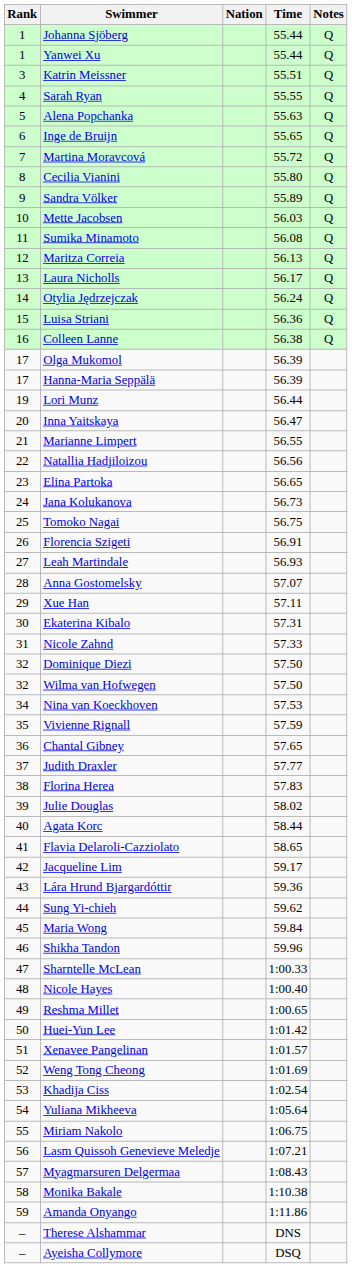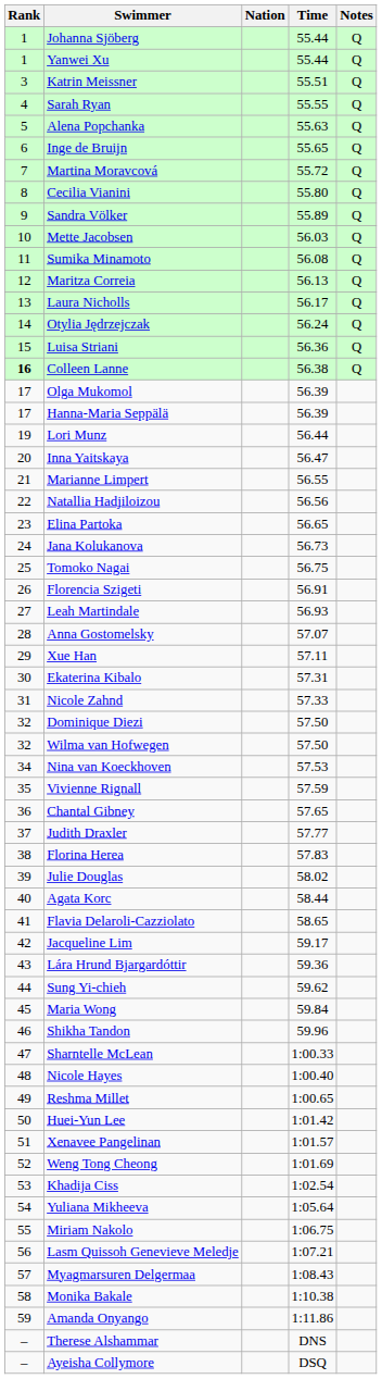 <table class="wikitable sortable" style="text-align:center">
 <tr>
 <th>Rank</th>
 <th>Swimmer</th>
 <th>Nation</th>
 <th>Time</th>
 <th>Notes</th>
 </tr>
 <tr bgcolor=ccffcc>
 <td>1</td>
 <td align=left><a href='#'>Johanna Sjöberg</a></td>
 <td align=left></td>
 <td>55.44</td>
 <td>Q</td>
 </tr>
 <tr bgcolor=ccffcc>
 <td>1</td>
 <td align=left><a href='#'>Yanwei Xu</a></td>
 <td align=left></td>
 <td>55.44</td>
 <td>Q</td>
 </tr>
 <tr bgcolor=ccffcc>
 <td>3</td>
 <td align=left><a href='#'>Katrin Meissner</a></td>
 <td align=left></td>
 <td>55.51</td>
 <td>Q</td>
 </tr>
 <tr bgcolor=ccffcc>
 <td>4</td>
 <td align=left><a href='#'>Sarah Ryan</a></td>
 <td align=left></td>
 <td>55.55</td>
 <td>Q</td>
 </tr>
 <tr bgcolor=ccffcc>
 <td>5</td>
 <td align=left><a href='#'>Alena Popchanka</a></td>
 <td align=left></td>
 <td>55.63</td>
 <td>Q</td>
 </tr>
 <tr bgcolor=ccffcc>
 <td>6</td>
 <td align=left><a href='#'>Inge de Bruijn</a></td>
 <td align=left></td>
 <td>55.65</td>
 <td>Q</td>
 </tr>
 <tr bgcolor=ccffcc>
 <td>7</td>
 <td align=left><a href='#'>Martina Moravcová</a></td>
 <td align=left></td>
 <td>55.72</td>
 <td>Q</td>
 </tr>
 <tr bgcolor=ccffcc>
 <td>8</td>
 <td align=left><a href='#'>Cecilia Vianini</a></td>
 <td align=left></td>
 <td>55.80</td>
 <td>Q</td>
 </tr>
 <tr bgcolor=ccffcc>
 <td>9</td>
 <td align=left><a href='#'>Sandra Völker</a></td>
 <td align=left></td>
 <td>55.89</td>
 <td>Q</td>
 </tr>
 <tr bgcolor=ccffcc>
 <td>10</td>
 <td align=left><a href='#'>Mette Jacobsen</a></td>
 <td align=left></td>
 <td>56.03</td>
 <td>Q</td>
 </tr>
 <tr bgcolor=ccffcc>
 <td>11</td>
 <td align=left><a href='#'>Sumika Minamoto</a></td>
 <td align=left></td>
 <td>56.08</td>
 <td>Q</td>
 </tr>
 <tr bgcolor=ccffcc>
 <td>12</td>
 <td align=left><a href='#'>Maritza Correia</a></td>
 <td align=left></td>
 <td>56.13</td>
 <td>Q</td>
 </tr>
 <tr bgcolor=ccffcc>
 <td>13</td>
 <td align=left><a href='#'>Laura Nicholls</a></td>
 <td align=left></td>
 <td>56.17</td>
 <td>Q</td>
 </tr>
 <tr bgcolor=ccffcc>
 <td>14</td>
 <td align=left><a href='#'>Otylia Jędrzejczak</a></td>
 <td align=left></td>
 <td>56.24</td>
 <td>Q</td>
 </tr>
 <tr bgcolor=ccffcc>
 <td>15</td>
 <td align=left><a href='#'>Luisa Striani</a></td>
 <td align=left></td>
 <td>56.36</td>
 <td>Q</td>
 </tr>
 <tr bgcolor=ccffcc>
-<td>16</td>
+<td><strong>16</strong></td>
 <td align=left><a href='#'>Colleen Lanne</a></td>
 <td align=left></td>
 <td>56.38</td>
 <td>Q</td>
 </tr>
 <tr>
 <td>17</td>
 <td align=left><a href='#'>Olga Mukomol</a></td>
 <td align=left></td>
 <td>56.39</td>
 <td></td>
 </tr>
 <tr>
 <td>17</td>
 <td align=left><a href='#'>Hanna-Maria Seppälä</a></td>
 <td align=left></td>
 <td>56.39</td>
 <td></td>
 </tr>
 <tr>
 <td>19</td>
 <td align=left><a href='#'>Lori Munz</a></td>
 <td align=left></td>
 <td>56.44</td>
 <td></td>
 </tr>
 <tr>
 <td>20</td>
 <td align=left><a href='#'>Inna Yaitskaya</a></td>
 <td align=left></td>
 <td>56.47</td>
 <td></td>
 </tr>
 <tr>
 <td>21</td>
 <td align=left><a href='#'>Marianne Limpert</a></td>
 <td align=left></td>
 <td>56.55</td>
 <td></td>
 </tr>
 <tr>
 <td>22</td>
 <td align=left><a href='#'>Natallia Hadjiloizou</a></td>
 <td align=left></td>
 <td>56.56</td>
 <td></td>
 </tr>
 <tr>
 <td>23</td>
 <td align=left><a href='#'>Elina Partoka</a></td>
 <td align=left></td>
 <td>56.65</td>
 <td></td>
 </tr>
 <tr>
 <td>24</td>
 <td align=left><a href='#'>Jana Kolukanova</a></td>
 <td align=left></td>
 <td>56.73</td>
 <td></td>
 </tr>
 <tr>
 <td>25</td>
 <td align=left><a href='#'>Tomoko Nagai</a></td>
 <td align=left></td>
 <td>56.75</td>
 <td></td>
 </tr>
 <tr>
 <td>26</td>
 <td align=left><a href='#'>Florencia Szigeti</a></td>
 <td align=left></td>
 <td>56.91</td>
 <td></td>
 </tr>
 <tr>
 <td>27</td>
 <td align=left><a href='#'>Leah Martindale</a></td>
 <td align=left></td>
 <td>56.93</td>
 <td></td>
 </tr>
 <tr>
 <td>28</td>
 <td align=left><a href='#'>Anna Gostomelsky</a></td>
 <td align=left></td>
 <td>57.07</td>
 <td></td>
 </tr>
 <tr>
 <td>29</td>
 <td align=left><a href='#'>Xue Han</a></td>
 <td align=left></td>
 <td>57.11</td>
 <td></td>
 </tr>
 <tr>
 <td>30</td>
 <td align=left><a href='#'>Ekaterina Kibalo</a></td>
 <td align=left></td>
 <td>57.31</td>
 <td></td>
 </tr>
 <tr>
 <td>31</td>
 <td align=left><a href='#'>Nicole Zahnd</a></td>
 <td align=left></td>
 <td>57.33</td>
 <td></td>
 </tr>
 <tr>
 <td>32</td>
 <td align=left><a href='#'>Dominique Diezi</a></td>
 <td align=left></td>
 <td>57.50</td>
 <td></td>
 </tr>
 <tr>
 <td>32</td>
 <td align=left><a href='#'>Wilma van Hofwegen</a></td>
 <td align=left></td>
 <td>57.50</td>
 <td></td>
 </tr>
 <tr>
 <td>34</td>
 <td align=left><a href='#'>Nina van Koeckhoven</a></td>
 <td align=left></td>
 <td>57.53</td>
 <td></td>
 </tr>
 <tr>
 <td>35</td>
 <td align=left><a href='#'>Vivienne Rignall</a></td>
 <td align=left></td>
 <td>57.59</td>
 <td></td>
 </tr>
 <tr>
 <td>36</td>
 <td align=left><a href='#'>Chantal Gibney</a></td>
 <td align=left></td>
 <td>57.65</td>
 <td></td>
 </tr>
 <tr>
 <td>37</td>
 <td align=left><a href='#'>Judith Draxler</a></td>
 <td align=left></td>
 <td>57.77</td>
 <td></td>
 </tr>
 <tr>
 <td>38</td>
 <td align=left><a href='#'>Florina Herea</a></td>
 <td align=left></td>
 <td>57.83</td>
 <td></td>
 </tr>
 <tr>
 <td>39</td>
 <td align=left><a href='#'>Julie Douglas</a></td>
 <td align=left></td>
 <td>58.02</td>
 <td></td>
 </tr>
 <tr>
 <td>40</td>
 <td align=left><a href='#'>Agata Korc</a></td>
 <td align=left></td>
 <td>58.44</td>
 <td></td>
 </tr>
 <tr>
 <td>41</td>
 <td align=left><a href='#'>Flavia Delaroli-Cazziolato</a></td>
 <td align=left></td>
 <td>58.65</td>
 <td></td>
 </tr>
 <tr>
 <td>42</td>
 <td align=left><a href='#'>Jacqueline Lim</a></td>
 <td align=left></td>
 <td>59.17</td>
 <td></td>
 </tr>
 <tr>
 <td>43</td>
 <td align=left><a href='#'>Lára Hrund Bjargardóttir</a></td>
 <td align=left></td>
 <td>59.36</td>
 <td></td>
 </tr>
 <tr>
 <td>44</td>
 <td align=left><a href='#'>Sung Yi-chieh</a></td>
 <td align=left></td>
 <td>59.62</td>
 <td></td>
 </tr>
 <tr>
 <td>45</td>
 <td align=left><a href='#'>Maria Wong</a></td>
 <td align=left></td>
 <td>59.84</td>
 <td></td>
 </tr>
 <tr>
 <td>46</td>
 <td align=left><a href='#'>Shikha Tandon</a></td>
 <td align=left></td>
 <td>59.96</td>
 <td></td>
 </tr>
 <tr>
 <td>47</td>
 <td align=left><a href='#'>Sharntelle McLean</a></td>
 <td align=left></td>
 <td>1:00.33</td>
 <td></td>
 </tr>
 <tr>
 <td>48</td>
 <td align=left><a href='#'>Nicole Hayes</a></td>
 <td align=left></td>
 <td>1:00.40</td>
 <td></td>
 </tr>
 <tr>
 <td>49</td>
 <td align=left><a href='#'>Reshma Millet</a></td>
 <td align=left></td>
 <td>1:00.65</td>
 <td></td>
 </tr>
 <tr>
 <td>50</td>
 <td align=left><a href='#'>Huei-Yun Lee</a></td>
 <td align=left></td>
 <td>1:01.42</td>
 <td></td>
 </tr>
 <tr>
 <td>51</td>
 <td align=left><a href='#'>Xenavee Pangelinan</a></td>
 <td align=left></td>
 <td>1:01.57</td>
 <td></td>
 </tr>
 <tr>
 <td>52</td>
 <td align=left><a href='#'>Weng Tong Cheong</a></td>
 <td align=left></td>
 <td>1:01.69</td>
 <td></td>
 </tr>
 <tr>
 <td>53</td>
 <td align=left><a href='#'>Khadija Ciss</a></td>
 <td align=left></td>
 <td>1:02.54</td>
 <td></td>
 </tr>
 <tr>
 <td>54</td>
 <td align=left><a href='#'>Yuliana Mikheeva</a></td>
 <td align=left></td>
 <td>1:05.64</td>
 <td></td>
 </tr>
 <tr>
 <td>55</td>
 <td align=left><a href='#'>Miriam Nakolo</a></td>
 <td align=left></td>
 <td>1:06.75</td>
 <td></td>
 </tr>
 <tr>
 <td>56</td>
 <td align=left><a href='#'>Lasm Quissoh Genevieve Meledje</a></td>
 <td align=left></td>
 <td>1:07.21</td>
 <td></td>
 </tr>
 <tr>
 <td>57</td>
 <td align=left><a href='#'>Myagmarsuren Delgermaa</a></td>
 <td align=left></td>
 <td>1:08.43</td>
 <td></td>
 </tr>
 <tr>
 <td>58</td>
 <td align=left><a href='#'>Monika Bakale</a></td>
 <td align=left></td>
 <td>1:10.38</td>
 <td></td>
 </tr>
 <tr>
 <td>59</td>
 <td align=left><a href='#'>Amanda Onyango</a></td>
 <td align=left></td>
 <td>1:11.86</td>
 <td></td>
 </tr>
 <tr>
 <td>–</td>
 <td align=left><a href='#'>Therese Alshammar</a></td>
 <td align=left></td>
 <td>DNS</td>
 <td></td>
 </tr>
 <tr>
 <td>–</td>
 <td align=left><a href='#'>Ayeisha Collymore</a></td>
 <td align=left></td>
 <td>DSQ</td>
 <td></td>
 </tr>
 </table>
